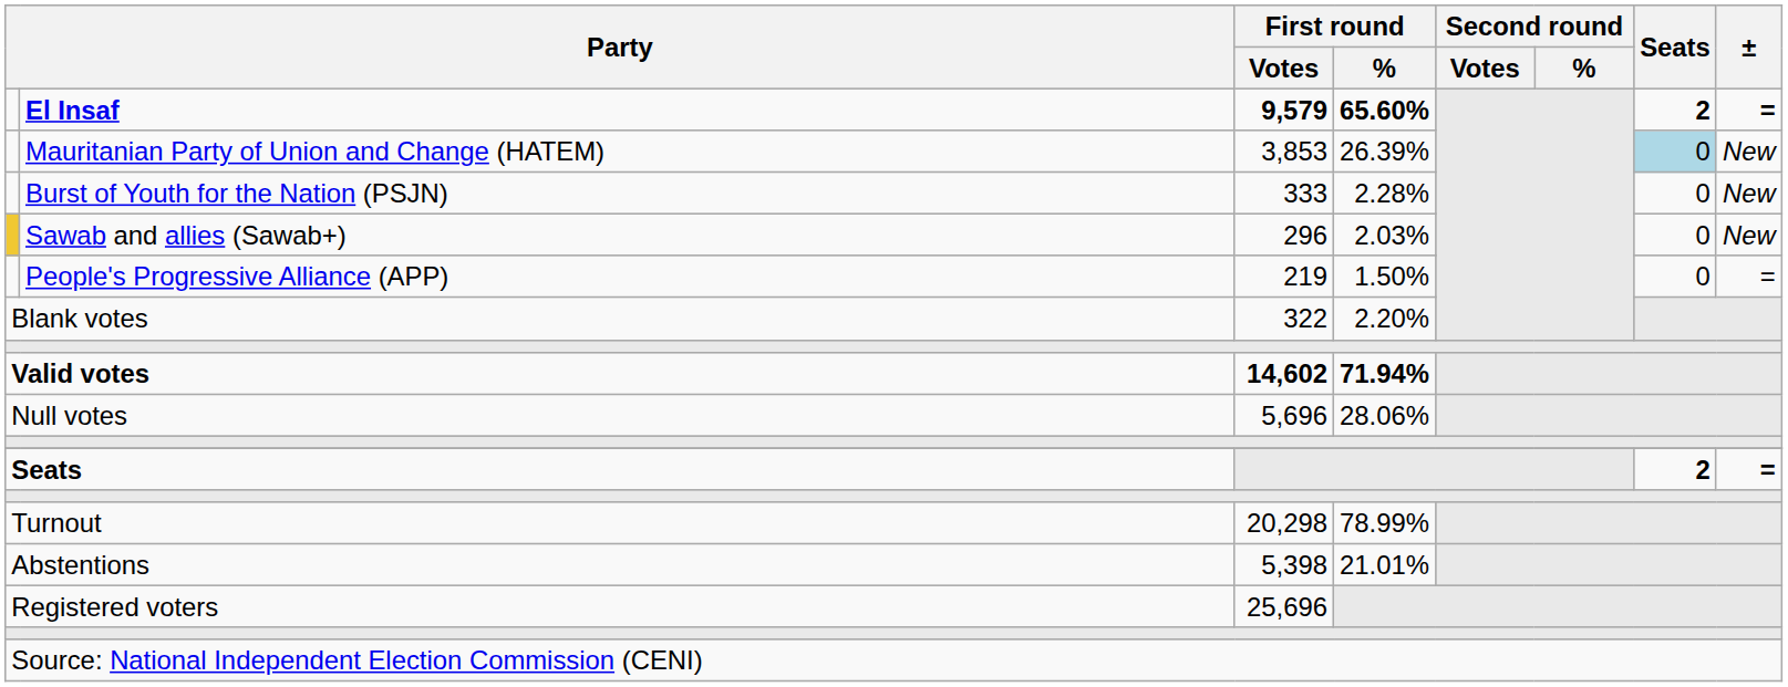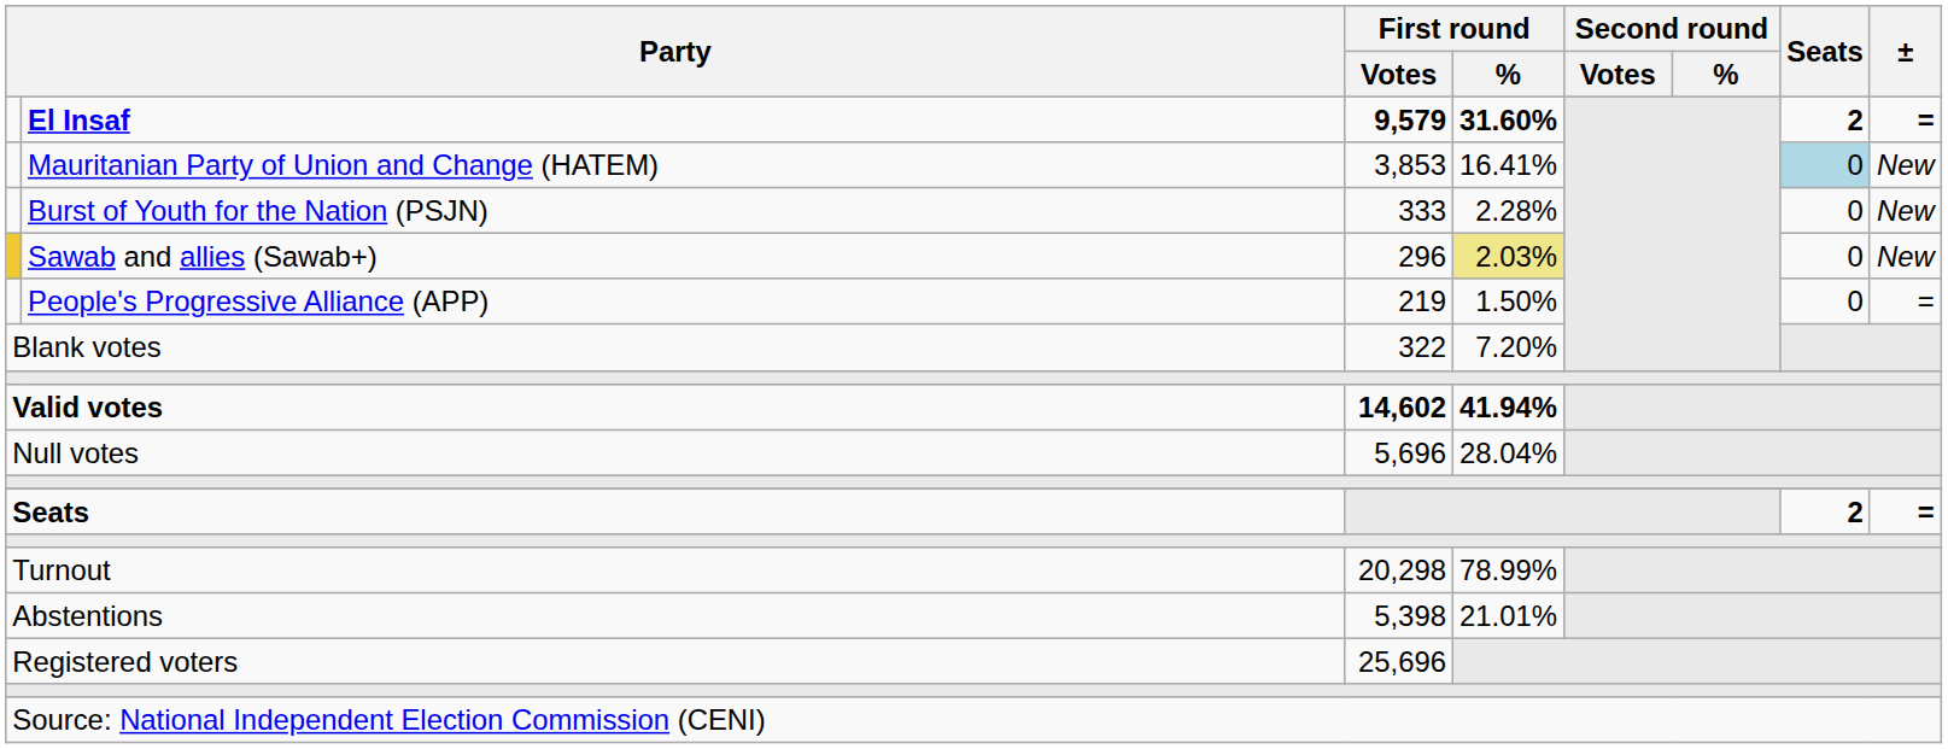 <table class="wikitable" style="text-align:right;font-size:95%;">
 <tr>
 <th rowspan="2" colspan="2" width="700">Party</th>
 <th colspan="2">First round</th>
 <th colspan="2">Second round</th>
 <th rowspan="2" width="25">Seats</th>
 <th rowspan="2" width="20">±</th>
 </tr>
 <tr>
 <th width="50">Votes</th>
 <th width="50">%</th>
 <th width="50">Votes</th>
 <th width="50">%</th>
 </tr>
 <tr>
 <td width="1" style="color:inherit;background:"></td>
 <td style="text-align:left;"><strong><a href='#'>El Insaf</a></strong></td>
 <td><strong>9,579</strong></td>
-<td><strong>65.60%</strong></td>
+<td><strong>31.60%</strong></td>
 <td colspan="2" rowspan="6" style="background:#E9E9E9;"></td>
 <td><strong>2</strong></td>
 <td><strong>=</strong></td>
 </tr>
 <tr>
 <td width="1" style="color:inherit;background:"></td>
 <td style="text-align:left;"><a href='#'>Mauritanian Party of Union and Change</a> (HATEM)</td>
 <td>3,853</td>
-<td>26.39%</td>
+<td>16.41%</td>
 <td style="background: lightblue;">0</td>
 <td><em>New</em></td>
 </tr>
 <tr>
 <td width="1" style="color:inherit;background:"></td>
 <td style="text-align:left;"><a href='#'>Burst of Youth for the Nation</a> (PSJN)</td>
 <td>333</td>
 <td>2.28%</td>
 <td>0</td>
 <td><em>New</em></td>
 </tr>
 <tr>
 <td width="1" style="color:inherit;background:#F0C832;"></td>
 <td style="text-align:left;"><a href='#'>Sawab</a> and <a href='#'>allies</a> (Sawab+)</td>
 <td>296</td>
-<td>2.03%</td>
+<td style="background: khaki;">2.03%</td>
 <td>0</td>
 <td><em>New</em></td>
 </tr>
 <tr>
 <td width="1" style="color:inherit;background:"></td>
 <td style="text-align:left;"><a href='#'>People's Progressive Alliance</a> (APP)</td>
 <td>219</td>
 <td>1.50%</td>
 <td>0</td>
 <td>=</td>
 </tr>
 <tr>
 <td colspan="2" style="text-align:left;">Blank votes</td>
 <td>322</td>
-<td>2.20%</td>
+<td>7.20%</td>
 <td colspan="4" style="background:#E9E9E9;"></td>
 </tr>
 <tr>
 <td colspan="8" style="background:#E9E9E9;"></td>
 </tr>
 <tr style="font-weight:bold;">
 <td colspan="2" style="text-align:left;">Valid votes</td>
 <td>14,602</td>
-<td>71.94%</td>
+<td>41.94%</td>
 <td colspan="4" style="background:#E9E9E9;"></td>
 </tr>
 <tr>
 <td colspan="2" style="text-align:left;">Null votes</td>
 <td>5,696</td>
-<td>28.06%</td>
+<td>28.04%</td>
 <td colspan="4" style="background:#E9E9E9;"></td>
 </tr>
 <tr>
 <td colspan="8" style="background:#E9E9E9;"></td>
 </tr>
 <tr>
 </tr>
 <tr style="font-weight:bold;">
 <td colspan="2" style="text-align:left;">Seats</td>
 <td colspan="4" style="background:#E9E9E9;"></td>
 <td>2</td>
 <td>=</td>
 </tr>
 <tr>
 <td colspan="8" style="background:#E9E9E9;"></td>
 </tr>
 <tr>
 <td colspan="2" style="text-align:left;">Turnout</td>
 <td>20,298</td>
 <td>78.99%</td>
 <td colspan="4" style="background:#E9E9E9;"></td>
 </tr>
 <tr>
 <td colspan="2" style="text-align:left;">Abstentions</td>
 <td>5,398</td>
 <td>21.01%</td>
 <td colspan="4" style="background:#E9E9E9;"></td>
 </tr>
 <tr>
 <td colspan="2" style="text-align:left;">Registered voters</td>
 <td>25,696</td>
 <td colspan="5" style="background:#E9E9E9;"></td>
 </tr>
 <tr>
 <td colspan="8" style="background:#E9E9E9;"></td>
 </tr>
 <tr>
 <td colspan="8" style="text-align:left;">Source: <a href='#'>National Independent Election Commission</a> (CENI)</td>
 </tr>
 </table>
